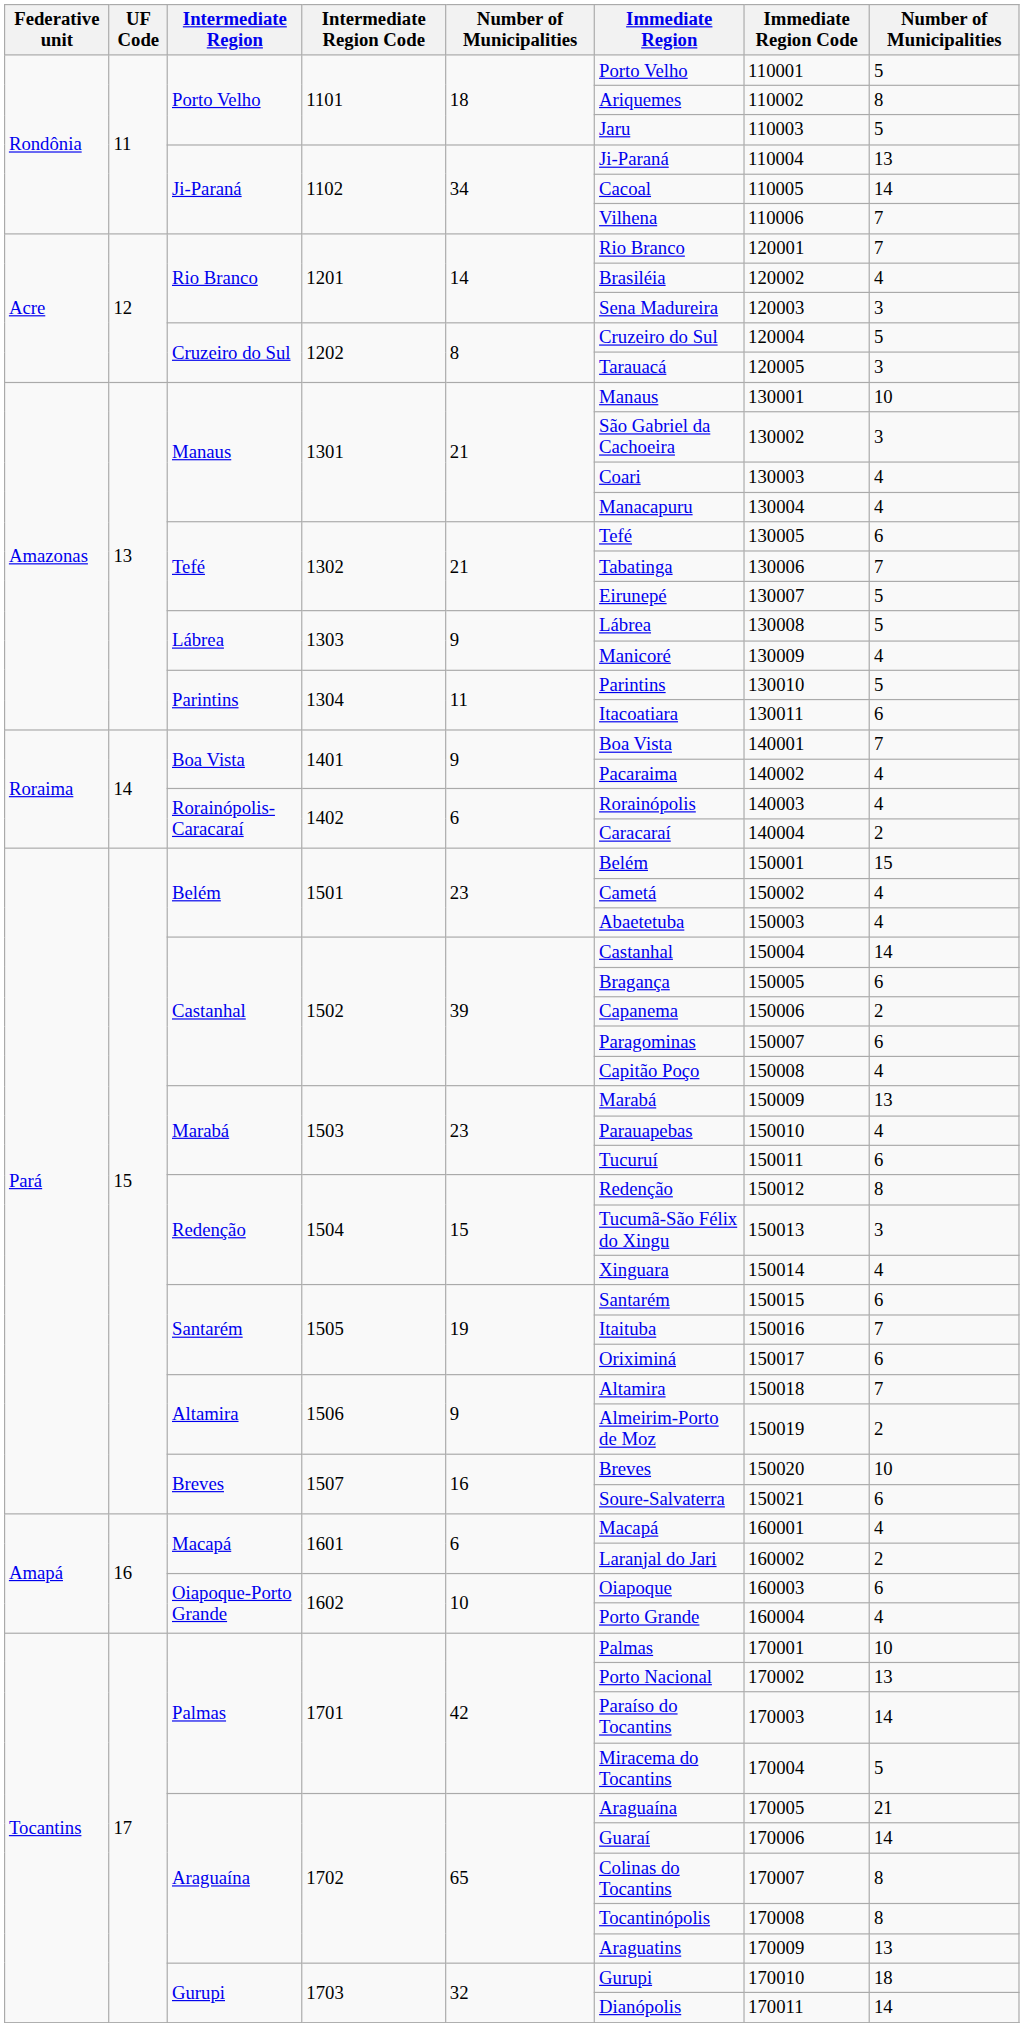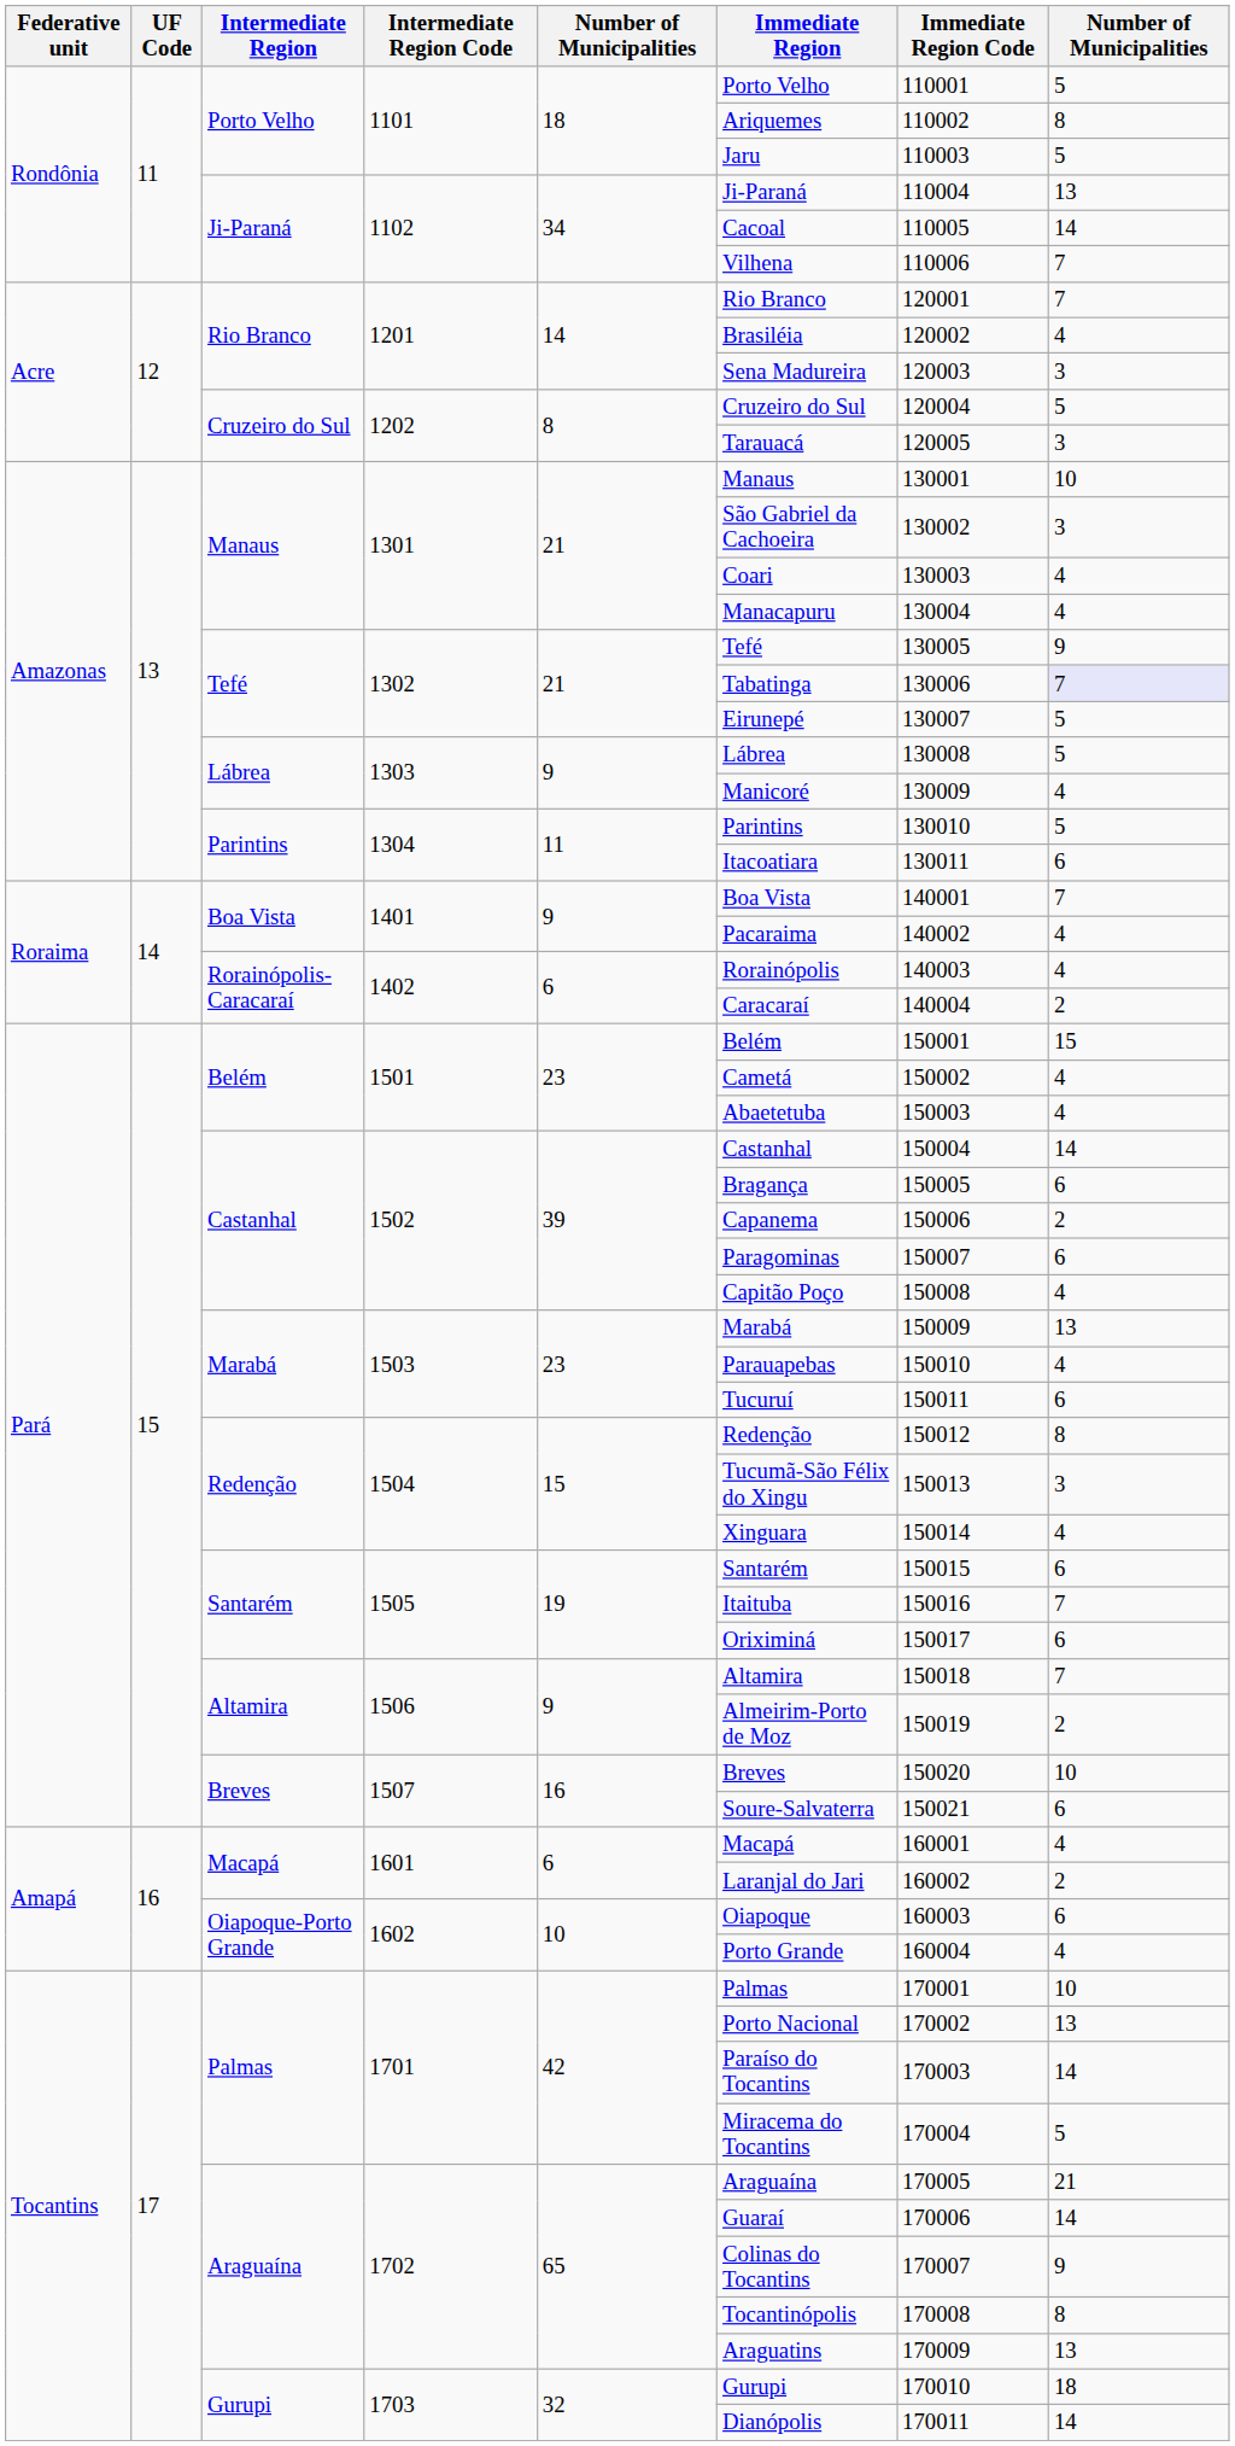 <table class="wikitable sortable">
 <tr>
 <th>Federative unit</th>
 <th>UF Code</th>
 <th><a href='#'>Intermediate Region</a></th>
 <th>Intermediate Region Code</th>
 <th>Number of Municipalities</th>
 <th><a href='#'>Immediate Region</a></th>
 <th>Immediate Region Code</th>
 <th>Number of Municipalities</th>
 </tr>
 <tr>
 <td rowspan="6"><a href='#'>Rondônia</a></td>
 <td rowspan="6">11</td>
 <td rowspan="3"><a href='#'>Porto Velho</a></td>
 <td rowspan="3">1101</td>
 <td rowspan="3">18</td>
 <td><a href='#'>Porto Velho</a></td>
 <td>110001</td>
 <td>5</td>
 </tr>
 <tr>
 <td><a href='#'>Ariquemes</a></td>
 <td>110002</td>
 <td>8</td>
 </tr>
 <tr>
 <td><a href='#'>Jaru</a></td>
 <td>110003</td>
 <td>5</td>
 </tr>
 <tr>
 <td rowspan="3"><a href='#'>Ji-Paraná</a></td>
 <td rowspan="3">1102</td>
 <td rowspan="3">34</td>
 <td><a href='#'>Ji-Paraná</a></td>
 <td>110004</td>
 <td>13</td>
 </tr>
 <tr>
 <td><a href='#'>Cacoal</a></td>
 <td>110005</td>
 <td>14</td>
 </tr>
 <tr>
 <td><a href='#'>Vilhena</a></td>
 <td>110006</td>
 <td>7</td>
 </tr>
 <tr>
 <td rowspan="5"><a href='#'>Acre</a></td>
 <td rowspan="5">12</td>
 <td rowspan="3"><a href='#'>Rio Branco</a></td>
 <td rowspan="3">1201</td>
 <td rowspan="3">14</td>
 <td><a href='#'>Rio Branco</a></td>
 <td>120001</td>
 <td>7</td>
 </tr>
 <tr>
 <td><a href='#'>Brasiléia</a></td>
 <td>120002</td>
 <td>4</td>
 </tr>
 <tr>
 <td><a href='#'>Sena Madureira</a></td>
 <td>120003</td>
 <td>3</td>
 </tr>
 <tr>
 <td rowspan="2"><a href='#'>Cruzeiro do Sul</a></td>
 <td rowspan="2">1202</td>
 <td rowspan="2">8</td>
 <td><a href='#'>Cruzeiro do Sul</a></td>
 <td>120004</td>
 <td>5</td>
 </tr>
 <tr>
 <td><a href='#'>Tarauacá</a></td>
 <td>120005</td>
 <td>3</td>
 </tr>
 <tr>
 <td rowspan="11"><a href='#'>Amazonas</a></td>
 <td rowspan="11">13</td>
 <td rowspan="4"><a href='#'>Manaus</a></td>
 <td rowspan="4">1301</td>
 <td rowspan="4">21</td>
 <td><a href='#'>Manaus</a></td>
 <td>130001</td>
 <td>10</td>
 </tr>
 <tr>
 <td><a href='#'>São Gabriel da Cachoeira</a></td>
 <td>130002</td>
 <td>3</td>
 </tr>
 <tr>
 <td><a href='#'>Coari</a></td>
 <td>130003</td>
 <td>4</td>
 </tr>
 <tr>
 <td><a href='#'>Manacapuru</a></td>
 <td>130004</td>
 <td>4</td>
 </tr>
 <tr>
 <td rowspan="3"><a href='#'>Tefé</a></td>
 <td rowspan="3">1302</td>
 <td rowspan="3">21</td>
 <td><a href='#'>Tefé</a></td>
 <td>130005</td>
-<td>6</td>
+<td>9</td>
 </tr>
 <tr>
 <td><a href='#'>Tabatinga</a></td>
 <td>130006</td>
-<td>7</td>
+<td style="background: lavender;">7</td>
 </tr>
 <tr>
 <td><a href='#'>Eirunepé</a></td>
 <td>130007</td>
 <td>5</td>
 </tr>
 <tr>
 <td rowspan="2"><a href='#'>Lábrea</a></td>
 <td rowspan="2">1303</td>
 <td rowspan="2">9</td>
 <td><a href='#'>Lábrea</a></td>
 <td>130008</td>
 <td>5</td>
 </tr>
 <tr>
 <td><a href='#'>Manicoré</a></td>
 <td>130009</td>
 <td>4</td>
 </tr>
 <tr>
 <td rowspan="2"><a href='#'>Parintins</a></td>
 <td rowspan="2">1304</td>
 <td rowspan="2">11</td>
 <td><a href='#'>Parintins</a></td>
 <td>130010</td>
 <td>5</td>
 </tr>
 <tr>
 <td><a href='#'>Itacoatiara</a></td>
 <td>130011</td>
 <td>6</td>
 </tr>
 <tr>
 <td rowspan="4"><a href='#'>Roraima</a></td>
 <td rowspan="4">14</td>
 <td rowspan="2"><a href='#'>Boa Vista</a></td>
 <td rowspan="2">1401</td>
 <td rowspan="2">9</td>
 <td><a href='#'>Boa Vista</a></td>
 <td>140001</td>
 <td>7</td>
 </tr>
 <tr>
 <td><a href='#'>Pacaraima</a></td>
 <td>140002</td>
 <td>4</td>
 </tr>
 <tr>
 <td rowspan="2"><a href='#'>Rorainópolis-Caracaraí</a></td>
 <td rowspan="2">1402</td>
 <td rowspan="2">6</td>
 <td><a href='#'>Rorainópolis</a></td>
 <td>140003</td>
 <td>4</td>
 </tr>
 <tr>
 <td><a href='#'>Caracaraí</a></td>
 <td>140004</td>
 <td>2</td>
 </tr>
 <tr>
 <td rowspan="21"><a href='#'>Pará</a></td>
 <td rowspan="21">15</td>
 <td rowspan="3"><a href='#'>Belém</a></td>
 <td rowspan="3">1501</td>
 <td rowspan="3">23</td>
 <td><a href='#'>Belém</a></td>
 <td>150001</td>
 <td>15</td>
 </tr>
 <tr>
 <td><a href='#'>Cametá</a></td>
 <td>150002</td>
 <td>4</td>
 </tr>
 <tr>
 <td><a href='#'>Abaetetuba</a></td>
 <td>150003</td>
 <td>4</td>
 </tr>
 <tr>
 <td rowspan="5"><a href='#'>Castanhal</a></td>
 <td rowspan="5">1502</td>
 <td rowspan="5">39</td>
 <td><a href='#'>Castanhal</a></td>
 <td>150004</td>
 <td>14</td>
 </tr>
 <tr>
 <td><a href='#'>Bragança</a></td>
 <td>150005</td>
 <td>6</td>
 </tr>
 <tr>
 <td><a href='#'>Capanema</a></td>
 <td>150006</td>
 <td>2</td>
 </tr>
 <tr>
 <td><a href='#'>Paragominas</a></td>
 <td>150007</td>
 <td>6</td>
 </tr>
 <tr>
 <td><a href='#'>Capitão Poço</a></td>
 <td>150008</td>
 <td>4</td>
 </tr>
 <tr>
 <td rowspan="3"><a href='#'>Marabá</a></td>
 <td rowspan="3">1503</td>
 <td rowspan="3">23</td>
 <td><a href='#'>Marabá</a></td>
 <td>150009</td>
 <td>13</td>
 </tr>
 <tr>
 <td><a href='#'>Parauapebas</a></td>
 <td>150010</td>
 <td>4</td>
 </tr>
 <tr>
 <td><a href='#'>Tucuruí</a></td>
 <td>150011</td>
 <td>6</td>
 </tr>
 <tr>
 <td rowspan="3"><a href='#'>Redenção</a></td>
 <td rowspan="3">1504</td>
 <td rowspan="3">15</td>
 <td><a href='#'>Redenção</a></td>
 <td>150012</td>
 <td>8</td>
 </tr>
 <tr>
 <td><a href='#'>Tucumã-São Félix do Xingu</a></td>
 <td>150013</td>
 <td>3</td>
 </tr>
 <tr>
 <td><a href='#'>Xinguara</a></td>
 <td>150014</td>
 <td>4</td>
 </tr>
 <tr>
 <td rowspan="3"><a href='#'>Santarém</a></td>
 <td rowspan="3">1505</td>
 <td rowspan="3">19</td>
 <td><a href='#'>Santarém</a></td>
 <td>150015</td>
 <td>6</td>
 </tr>
 <tr>
 <td><a href='#'>Itaituba</a></td>
 <td>150016</td>
 <td>7</td>
 </tr>
 <tr>
 <td><a href='#'>Oriximiná</a></td>
 <td>150017</td>
 <td>6</td>
 </tr>
 <tr>
 <td rowspan="2"><a href='#'>Altamira</a></td>
 <td rowspan="2">1506</td>
 <td rowspan="2">9</td>
 <td><a href='#'>Altamira</a></td>
 <td>150018</td>
 <td>7</td>
 </tr>
 <tr>
 <td><a href='#'>Almeirim-Porto de Moz</a></td>
 <td>150019</td>
 <td>2</td>
 </tr>
 <tr>
 <td rowspan="2"><a href='#'>Breves</a></td>
 <td rowspan="2">1507</td>
 <td rowspan="2">16</td>
 <td><a href='#'>Breves</a></td>
 <td>150020</td>
 <td>10</td>
 </tr>
 <tr>
 <td><a href='#'>Soure-Salvaterra</a></td>
 <td>150021</td>
 <td>6</td>
 </tr>
 <tr>
 <td rowspan="4"><a href='#'>Amapá</a></td>
 <td rowspan="4">16</td>
 <td rowspan="2"><a href='#'>Macapá</a></td>
 <td rowspan="2">1601</td>
 <td rowspan="2">6</td>
 <td><a href='#'>Macapá</a></td>
 <td>160001</td>
 <td>4</td>
 </tr>
 <tr>
 <td><a href='#'>Laranjal do Jari</a></td>
 <td>160002</td>
 <td>2</td>
 </tr>
 <tr>
 <td rowspan="2"><a href='#'>Oiapoque-Porto Grande</a></td>
 <td rowspan="2">1602</td>
 <td rowspan="2">10</td>
 <td><a href='#'>Oiapoque</a></td>
 <td>160003</td>
 <td>6</td>
 </tr>
 <tr>
 <td><a href='#'>Porto Grande</a></td>
 <td>160004</td>
 <td>4</td>
 </tr>
 <tr>
 <td rowspan="11"><a href='#'>Tocantins</a></td>
 <td rowspan="11">17</td>
 <td rowspan="4"><a href='#'>Palmas</a></td>
 <td rowspan="4">1701</td>
 <td rowspan="4">42</td>
 <td><a href='#'>Palmas</a></td>
 <td>170001</td>
 <td>10</td>
 </tr>
 <tr>
 <td><a href='#'>Porto Nacional</a></td>
 <td>170002</td>
 <td>13</td>
 </tr>
 <tr>
 <td><a href='#'>Paraíso do Tocantins</a></td>
 <td>170003</td>
 <td>14</td>
 </tr>
 <tr>
 <td><a href='#'>Miracema do Tocantins</a></td>
 <td>170004</td>
 <td>5</td>
 </tr>
 <tr>
 <td rowspan="5"><a href='#'>Araguaína</a></td>
 <td rowspan="5">1702</td>
 <td rowspan="5">65</td>
 <td><a href='#'>Araguaína</a></td>
 <td>170005</td>
 <td>21</td>
 </tr>
 <tr>
 <td><a href='#'>Guaraí</a></td>
 <td>170006</td>
 <td>14</td>
 </tr>
 <tr>
 <td><a href='#'>Colinas do Tocantins</a></td>
 <td>170007</td>
-<td>8</td>
+<td>9</td>
 </tr>
 <tr>
 <td><a href='#'>Tocantinópolis</a></td>
 <td>170008</td>
 <td>8</td>
 </tr>
 <tr>
 <td><a href='#'>Araguatins</a></td>
 <td>170009</td>
 <td>13</td>
 </tr>
 <tr>
 <td rowspan="2"><a href='#'>Gurupi</a></td>
 <td rowspan="2">1703</td>
 <td rowspan="2">32</td>
 <td><a href='#'>Gurupi</a></td>
 <td>170010</td>
 <td>18</td>
 </tr>
 <tr>
 <td><a href='#'>Dianópolis</a></td>
 <td>170011</td>
 <td>14</td>
 </tr>
 <tr>
 </tr>
 </table>
